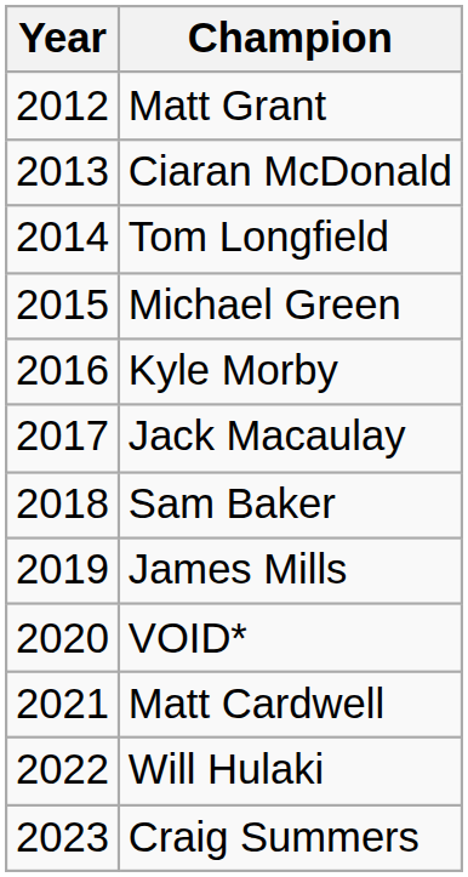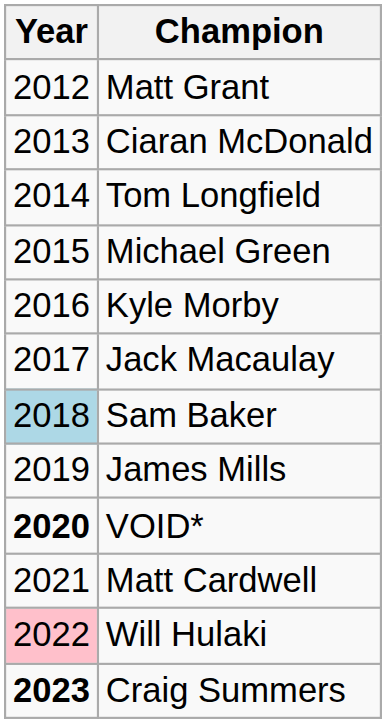 <table class="wikitable">
 <tr>
 <th>Year</th>
 <th>Champion</th>
 </tr>
 <tr>
 <td>2012</td>
 <td>Matt Grant</td>
 </tr>
 <tr>
 <td>2013</td>
 <td>Ciaran McDonald</td>
 </tr>
 <tr>
 <td>2014</td>
 <td>Tom Longfield</td>
 </tr>
 <tr>
 <td>2015</td>
 <td>Michael Green</td>
 </tr>
 <tr>
 <td>2016</td>
 <td>Kyle Morby</td>
 </tr>
 <tr>
 <td>2017</td>
 <td>Jack Macaulay</td>
 </tr>
 <tr>
-<td>2018</td>
+<td style="background: lightblue;">2018</td>
 <td>Sam Baker</td>
 </tr>
 <tr>
 <td>2019</td>
 <td>James Mills</td>
 </tr>
 <tr>
-<td>2020</td>
+<td><strong>2020</strong></td>
 <td>VOID*</td>
 </tr>
 <tr>
 <td>2021</td>
 <td>Matt Cardwell</td>
 </tr>
 <tr>
-<td>2022</td>
+<td style="background: pink;">2022</td>
 <td>Will Hulaki</td>
 </tr>
 <tr>
-<td>2023</td>
+<td><strong>2023</strong></td>
 <td>Craig Summers</td>
 </tr>
 </table>
